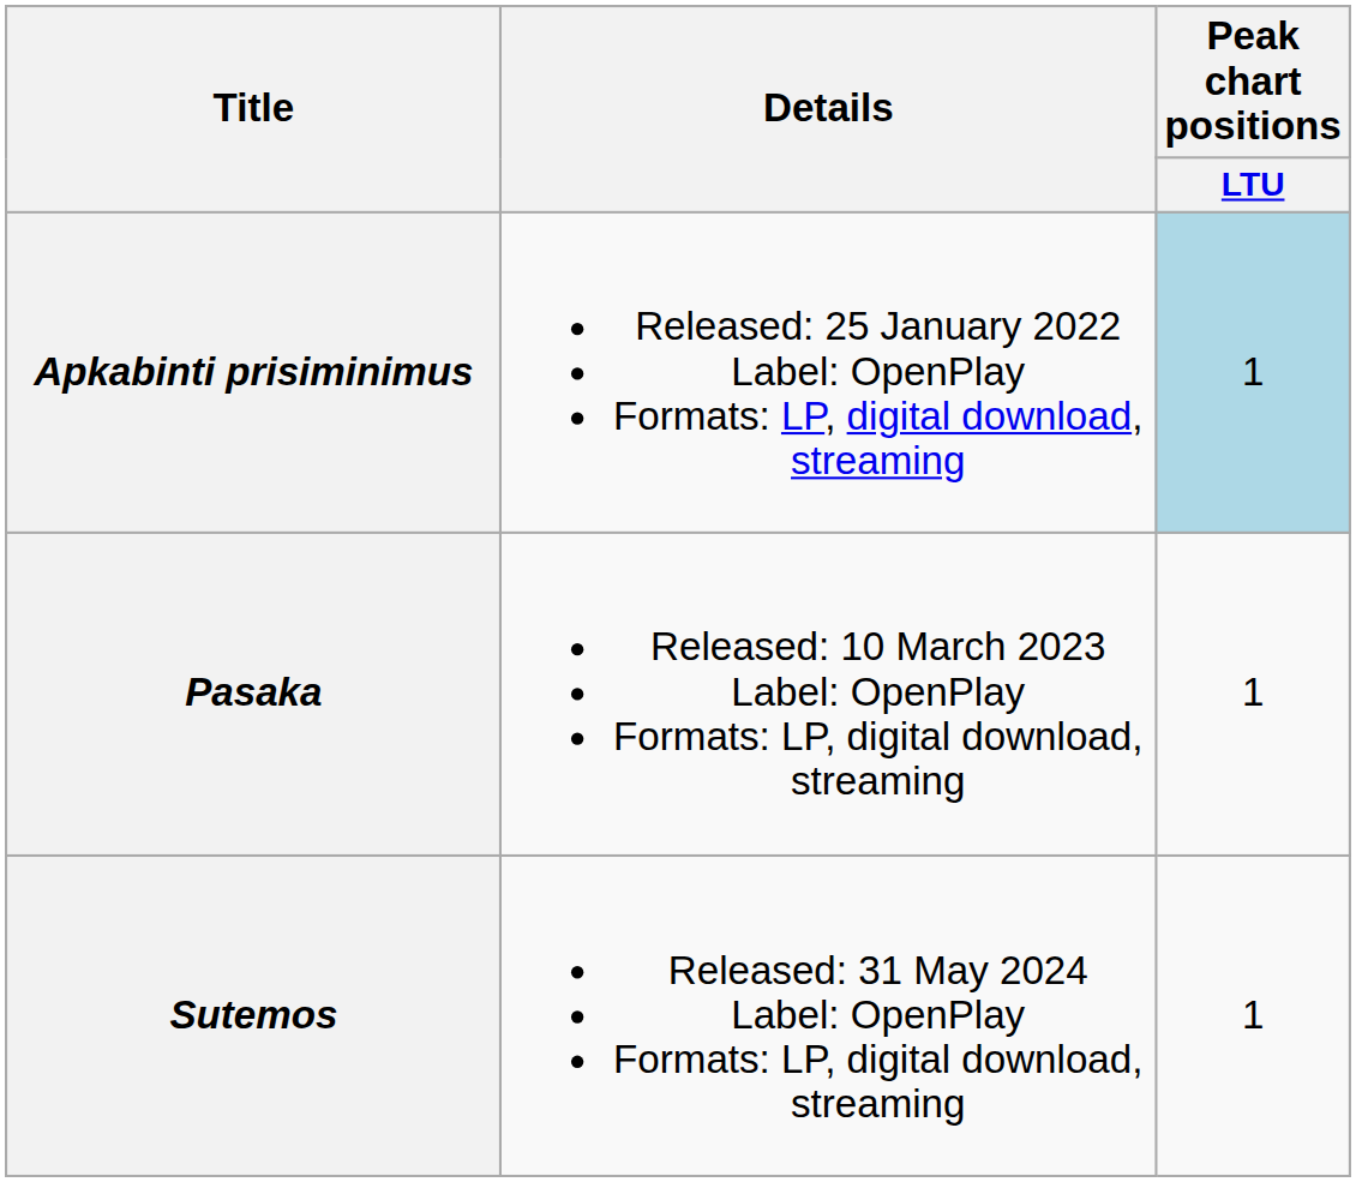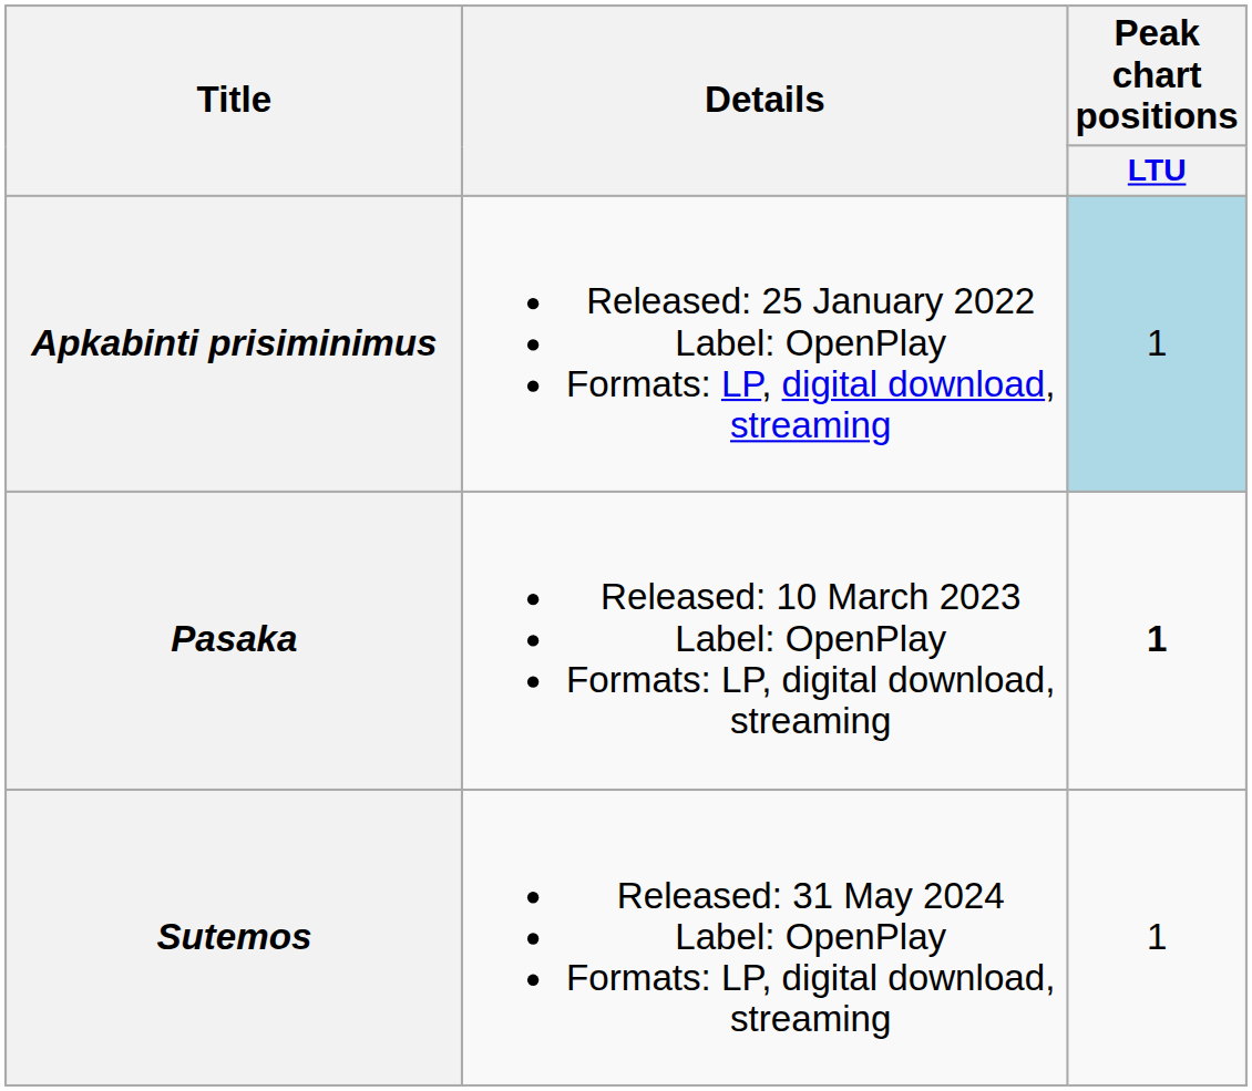 <table class="wikitable plainrowheaders" style="text-align:center;">
 <tr>
 <th scope="col" rowspan="2" style="width:12em;">Title</th>
 <th scope="col" rowspan="2" style="width:16em;">Details</th>
 <th scope="col" colspan="1">Peak chart positions</th>
 </tr>
 <tr>
 <th scope="col" style="width:3em;font-size:85%;"><a href='#'>LTU</a><br></th>
 </tr>
 <tr>
 <th scope="row"><em>Apkabinti prisiminimus</em></th>
 <td><br><ul><li>Released: 25 January 2022</li><li>Label: OpenPlay</li><li>Formats: <a href='#'>LP</a>, <a href='#'>digital download</a>, <a href='#'>streaming</a></li></ul></td>
 <td style="background: lightblue;">1</td>
 </tr>
 <tr>
 <th scope="row"><em>Pasaka</em></th>
 <td><br><ul><li>Released: 10 March 2023</li><li>Label: OpenPlay</li><li>Formats: LP, digital download, streaming</li></ul></td>
-<td>1</td>
+<td><strong>1</strong></td>
 </tr>
 <tr>
 <th scope="row"><em>Sutemos</em></th>
 <td><br><ul><li>Released: 31 May 2024</li><li>Label: OpenPlay</li><li>Formats: LP, digital download, streaming</li></ul></td>
 <td>1</td>
 </tr>
 </table>
